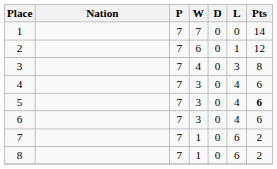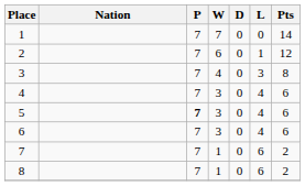 <table class=wikitable style=text-align:center>
 <tr>
 <th width=35>Place</th>
 <th width=185>Nation</th>
 <th width=20>P</th>
 <th width=20>W</th>
 <th width=20>D</th>
 <th width=20>L</th>
 <th width=30>Pts</th>
 </tr>
 <tr>
 <td>1</td>
 <td style=text-align:left></td>
 <td>7</td>
 <td>7</td>
 <td>0</td>
 <td>0</td>
 <td>14</td>
 </tr>
 <tr>
 <td>2</td>
 <td style=text-align:left></td>
 <td>7</td>
 <td>6</td>
 <td>0</td>
 <td>1</td>
 <td>12</td>
 </tr>
 <tr>
 <td>3</td>
 <td style=text-align:left></td>
 <td>7</td>
 <td>4</td>
 <td>0</td>
 <td>3</td>
 <td>8</td>
 </tr>
 <tr>
 <td>4</td>
 <td style=text-align:left></td>
 <td>7</td>
 <td>3</td>
 <td>0</td>
 <td>4</td>
 <td>6</td>
 </tr>
 <tr>
 <td>5</td>
 <td style=text-align:left></td>
-<td>7</td>
+<td><strong>7</strong></td>
 <td>3</td>
 <td>0</td>
 <td>4</td>
-<td><strong>6</strong></td>
+<td>6</td>
 </tr>
 <tr>
 <td>6</td>
 <td style=text-align:left></td>
 <td>7</td>
 <td>3</td>
 <td>0</td>
 <td>4</td>
 <td>6</td>
 </tr>
 <tr>
 <td>7</td>
 <td style=text-align:left></td>
 <td>7</td>
 <td>1</td>
 <td>0</td>
 <td>6</td>
 <td>2</td>
 </tr>
 <tr>
 <td>8</td>
 <td style=text-align:left></td>
 <td>7</td>
 <td>1</td>
 <td>0</td>
 <td>6</td>
 <td>2</td>
 </tr>
 <tr>
 </tr>
 </table>
